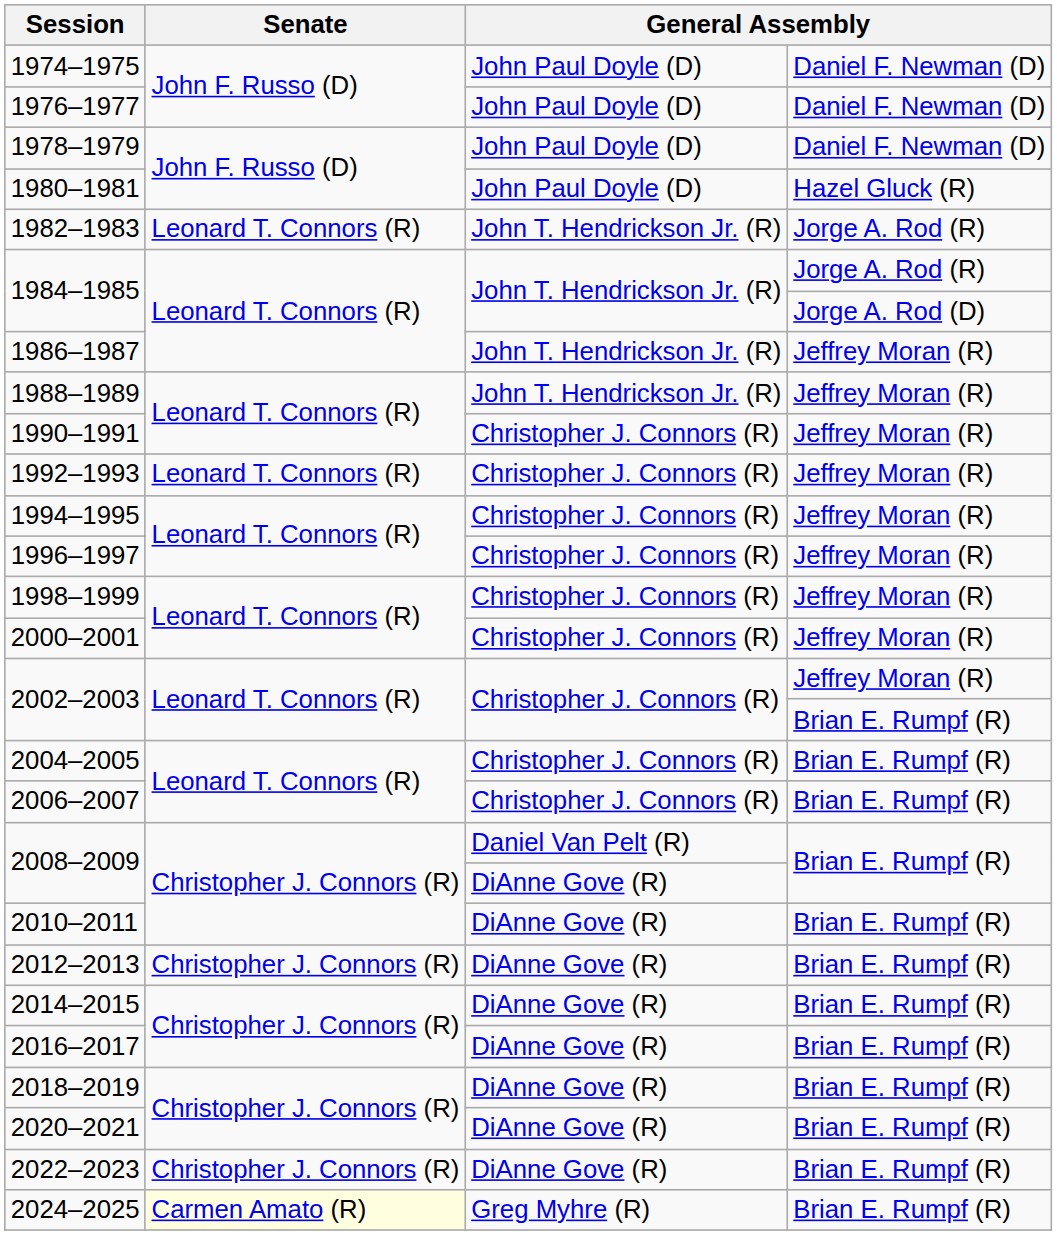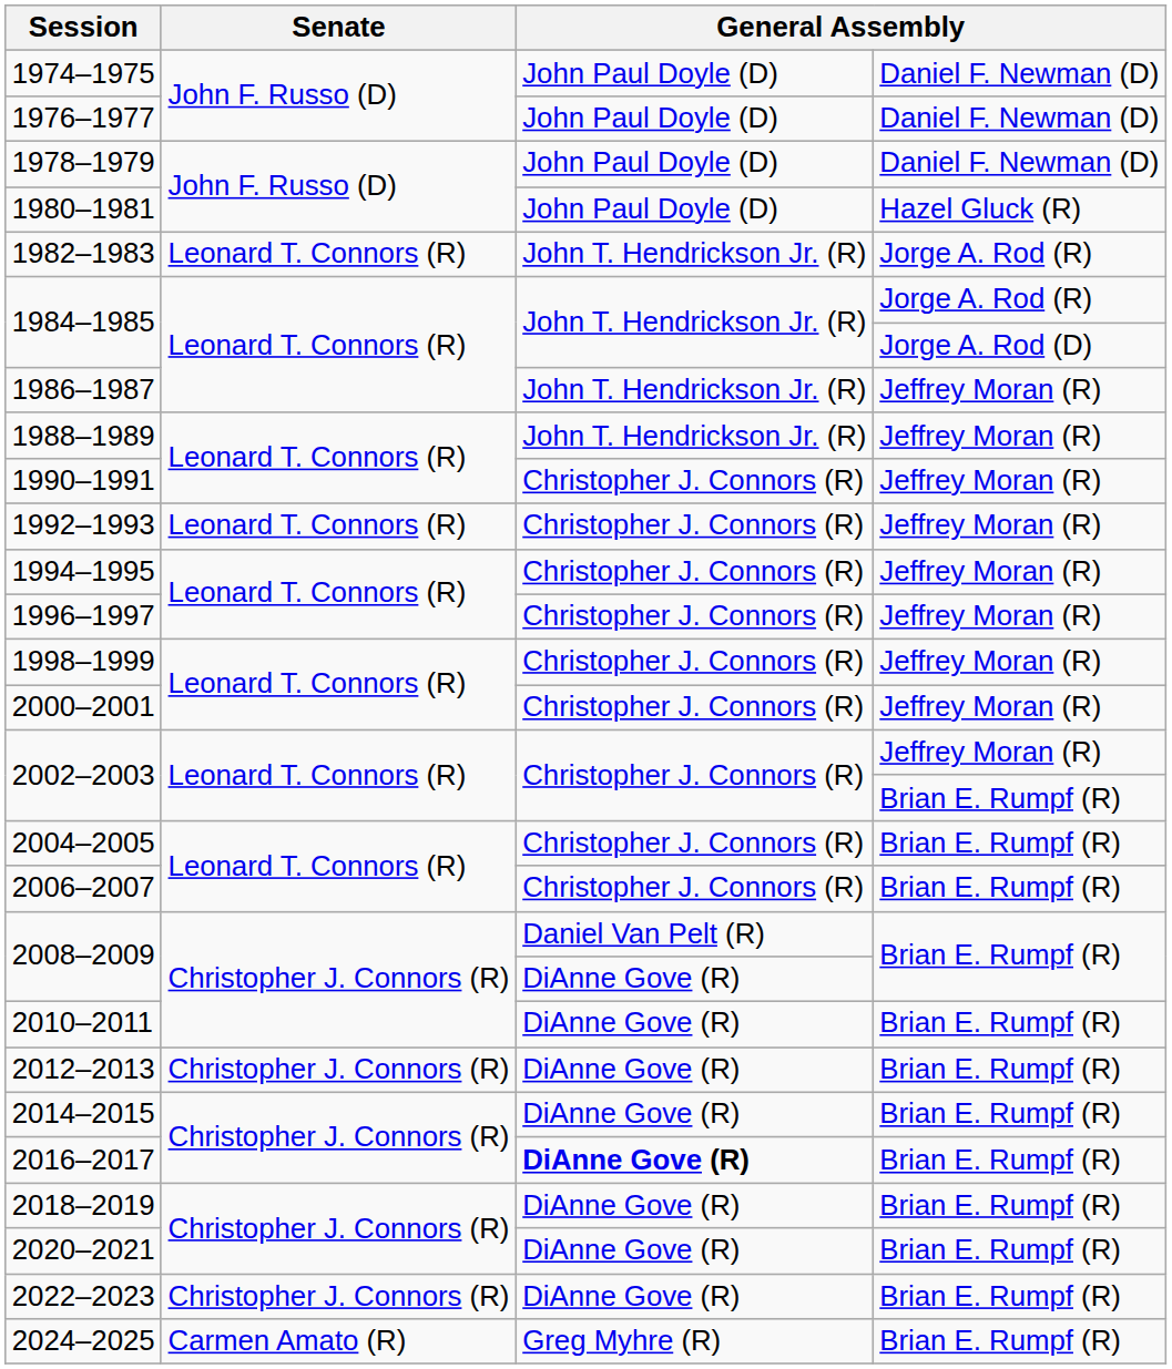 <table class="wikitable">
 <tr>
 <th>Session</th>
 <th>Senate</th>
 <th colspan=2>General Assembly</th>
 </tr>
 <tr>
 <td>1974–1975</td>
 <td rowspan=2 ><a href='#'>John F. Russo</a> (D)</td>
 <td><a href='#'>John Paul Doyle</a> (D)</td>
 <td><a href='#'>Daniel F. Newman</a> (D)</td>
 </tr>
 <tr>
 <td>1976–1977</td>
 <td><a href='#'>John Paul Doyle</a> (D)</td>
 <td><a href='#'>Daniel F. Newman</a> (D)</td>
 </tr>
 <tr>
 <td>1978–1979</td>
 <td rowspan=2 ><a href='#'>John F. Russo</a> (D)</td>
 <td><a href='#'>John Paul Doyle</a> (D)</td>
 <td><a href='#'>Daniel F. Newman</a> (D)</td>
 </tr>
 <tr>
 <td>1980–1981</td>
 <td><a href='#'>John Paul Doyle</a> (D)</td>
 <td><a href='#'>Hazel Gluck</a> (R)</td>
 </tr>
 <tr>
 <td>1982–1983</td>
 <td><a href='#'>Leonard T. Connors</a> (R)</td>
 <td><a href='#'>John T. Hendrickson Jr.</a> (R)</td>
 <td><a href='#'>Jorge A. Rod</a> (R)</td>
 </tr>
 <tr>
 <td rowspan=2>1984–1985</td>
 <td rowspan=3 ><a href='#'>Leonard T. Connors</a> (R)</td>
 <td rowspan=2 ><a href='#'>John T. Hendrickson Jr.</a> (R)</td>
 <td><a href='#'>Jorge A. Rod</a> (R)</td>
 </tr>
 <tr>
 <td><a href='#'>Jorge A. Rod</a> (D)</td>
 </tr>
 <tr>
 <td>1986–1987</td>
 <td><a href='#'>John T. Hendrickson Jr.</a> (R)</td>
 <td><a href='#'>Jeffrey Moran</a> (R)</td>
 </tr>
 <tr>
 <td>1988–1989</td>
 <td rowspan=2 ><a href='#'>Leonard T. Connors</a> (R)</td>
 <td><a href='#'>John T. Hendrickson Jr.</a> (R)</td>
 <td><a href='#'>Jeffrey Moran</a> (R)</td>
 </tr>
 <tr>
 <td>1990–1991</td>
 <td><a href='#'>Christopher J. Connors</a> (R)</td>
 <td><a href='#'>Jeffrey Moran</a> (R)</td>
 </tr>
 <tr>
 <td>1992–1993</td>
 <td><a href='#'>Leonard T. Connors</a> (R)</td>
 <td><a href='#'>Christopher J. Connors</a> (R)</td>
 <td><a href='#'>Jeffrey Moran</a> (R)</td>
 </tr>
 <tr>
 <td>1994–1995</td>
 <td rowspan=2 ><a href='#'>Leonard T. Connors</a> (R)</td>
 <td><a href='#'>Christopher J. Connors</a> (R)</td>
 <td><a href='#'>Jeffrey Moran</a> (R)</td>
 </tr>
 <tr>
 <td>1996–1997</td>
 <td><a href='#'>Christopher J. Connors</a> (R)</td>
 <td><a href='#'>Jeffrey Moran</a> (R)</td>
 </tr>
 <tr>
 <td>1998–1999</td>
 <td rowspan=2 ><a href='#'>Leonard T. Connors</a> (R)</td>
 <td><a href='#'>Christopher J. Connors</a> (R)</td>
 <td><a href='#'>Jeffrey Moran</a> (R)</td>
 </tr>
 <tr>
 <td>2000–2001</td>
 <td><a href='#'>Christopher J. Connors</a> (R)</td>
 <td><a href='#'>Jeffrey Moran</a> (R)</td>
 </tr>
 <tr>
 <td rowspan=2>2002–2003</td>
 <td rowspan=2 ><a href='#'>Leonard T. Connors</a> (R)</td>
 <td rowspan=2 ><a href='#'>Christopher J. Connors</a> (R)</td>
 <td><a href='#'>Jeffrey Moran</a> (R)</td>
 </tr>
 <tr>
 <td><a href='#'>Brian E. Rumpf</a> (R)</td>
 </tr>
 <tr>
 <td>2004–2005</td>
 <td rowspan=2 ><a href='#'>Leonard T. Connors</a> (R)</td>
 <td><a href='#'>Christopher J. Connors</a> (R)</td>
 <td><a href='#'>Brian E. Rumpf</a> (R)</td>
 </tr>
 <tr>
 <td>2006–2007</td>
 <td><a href='#'>Christopher J. Connors</a> (R)</td>
 <td><a href='#'>Brian E. Rumpf</a> (R)</td>
 </tr>
 <tr>
 <td rowspan=2>2008–2009</td>
 <td rowspan=3 ><a href='#'>Christopher J. Connors</a> (R)</td>
 <td><a href='#'>Daniel Van Pelt</a> (R)</td>
 <td rowspan=2 ><a href='#'>Brian E. Rumpf</a> (R)</td>
 </tr>
 <tr>
 <td><a href='#'>DiAnne Gove</a> (R)</td>
 </tr>
 <tr>
 <td>2010–2011</td>
 <td><a href='#'>DiAnne Gove</a> (R)</td>
 <td><a href='#'>Brian E. Rumpf</a> (R)</td>
 </tr>
 <tr>
 <td>2012–2013</td>
 <td><a href='#'>Christopher J. Connors</a> (R)</td>
 <td><a href='#'>DiAnne Gove</a> (R)</td>
 <td><a href='#'>Brian E. Rumpf</a> (R)</td>
 </tr>
 <tr>
 <td>2014–2015</td>
 <td rowspan=2 ><a href='#'>Christopher J. Connors</a> (R)</td>
 <td><a href='#'>DiAnne Gove</a> (R)</td>
 <td><a href='#'>Brian E. Rumpf</a> (R)</td>
 </tr>
 <tr>
 <td>2016–2017</td>
-<td><a href='#'>DiAnne Gove</a> (R)</td>
+<td><strong><a href='#'>DiAnne Gove</a> (R)</strong></td>
 <td><a href='#'>Brian E. Rumpf</a> (R)</td>
 </tr>
 <tr>
 <td>2018–2019</td>
 <td rowspan=2 ><a href='#'>Christopher J. Connors</a> (R)</td>
 <td><a href='#'>DiAnne Gove</a> (R)</td>
 <td><a href='#'>Brian E. Rumpf</a> (R)</td>
 </tr>
 <tr>
 <td>2020–2021</td>
 <td><a href='#'>DiAnne Gove</a> (R)</td>
 <td><a href='#'>Brian E. Rumpf</a> (R)</td>
 </tr>
 <tr>
 <td>2022–2023</td>
 <td><a href='#'>Christopher J. Connors</a> (R)</td>
 <td><a href='#'>DiAnne Gove</a> (R)</td>
 <td><a href='#'>Brian E. Rumpf</a> (R)</td>
 </tr>
 <tr>
 <td>2024–2025</td>
-<td style="background: lightyellow;"><a href='#'>Carmen Amato</a> (R)</td>
+<td><a href='#'>Carmen Amato</a> (R)</td>
 <td><a href='#'>Greg Myhre</a> (R)</td>
 <td><a href='#'>Brian E. Rumpf</a> (R)</td>
 </tr>
 </table>
